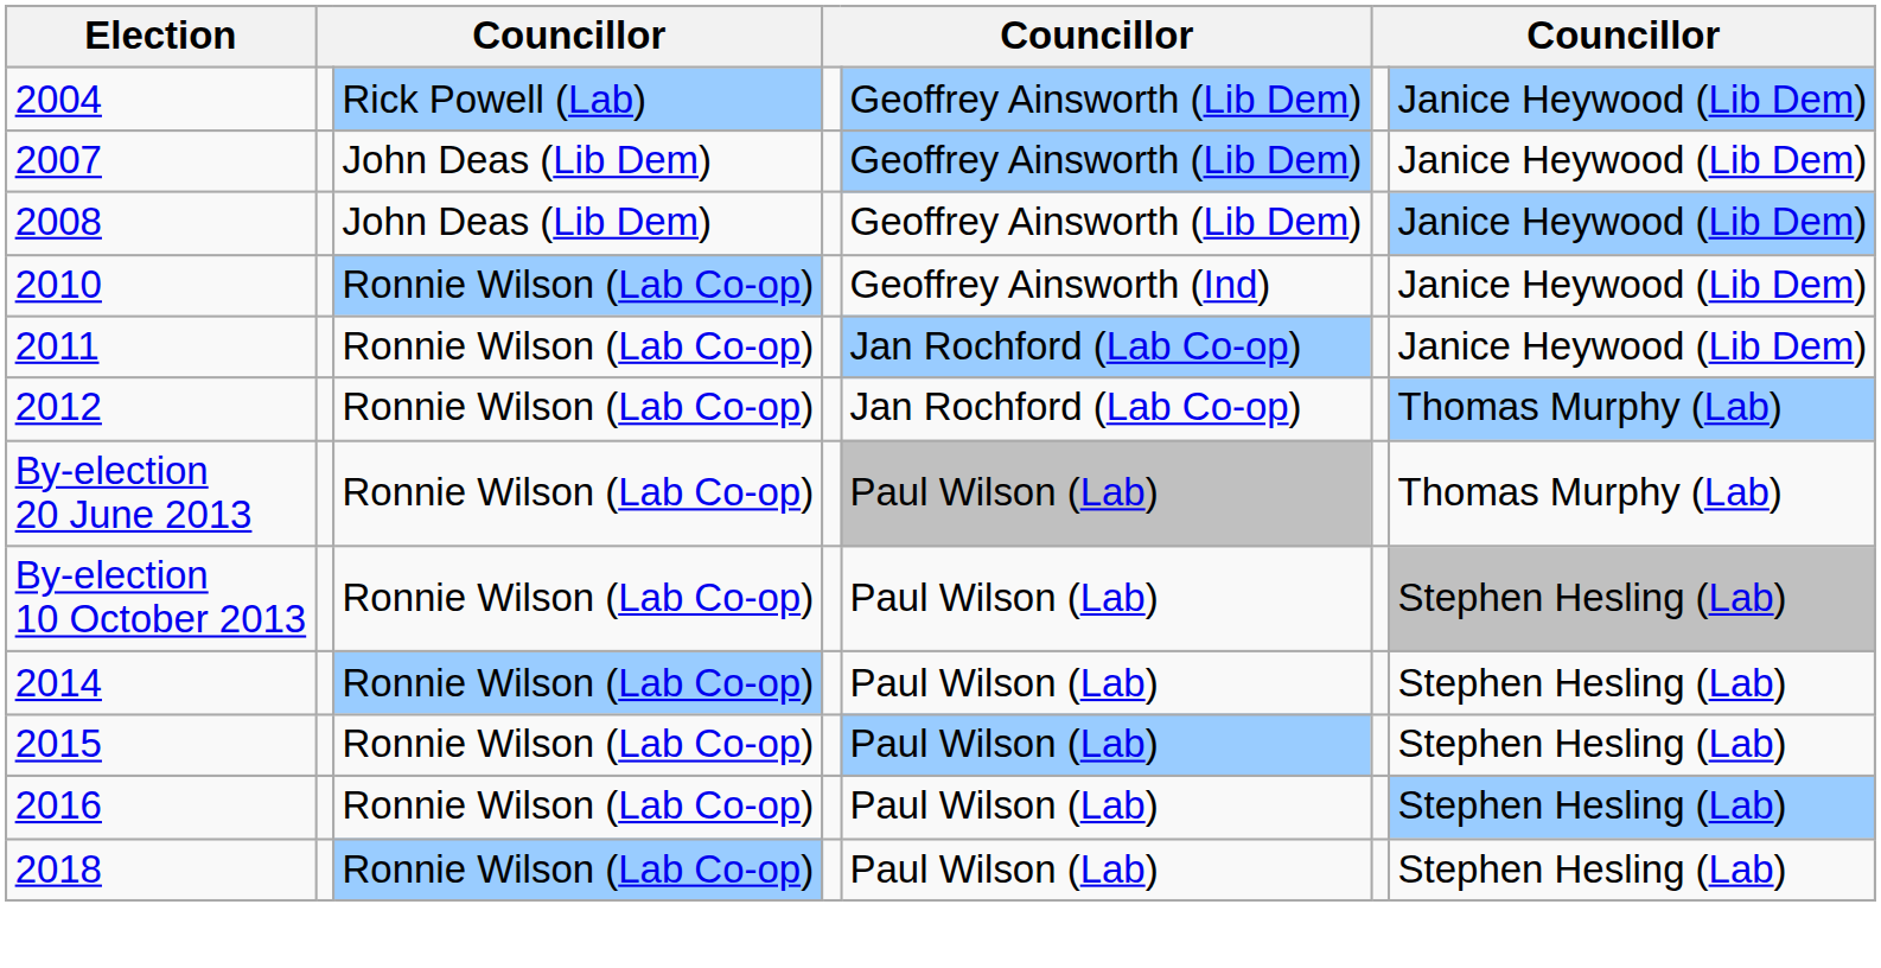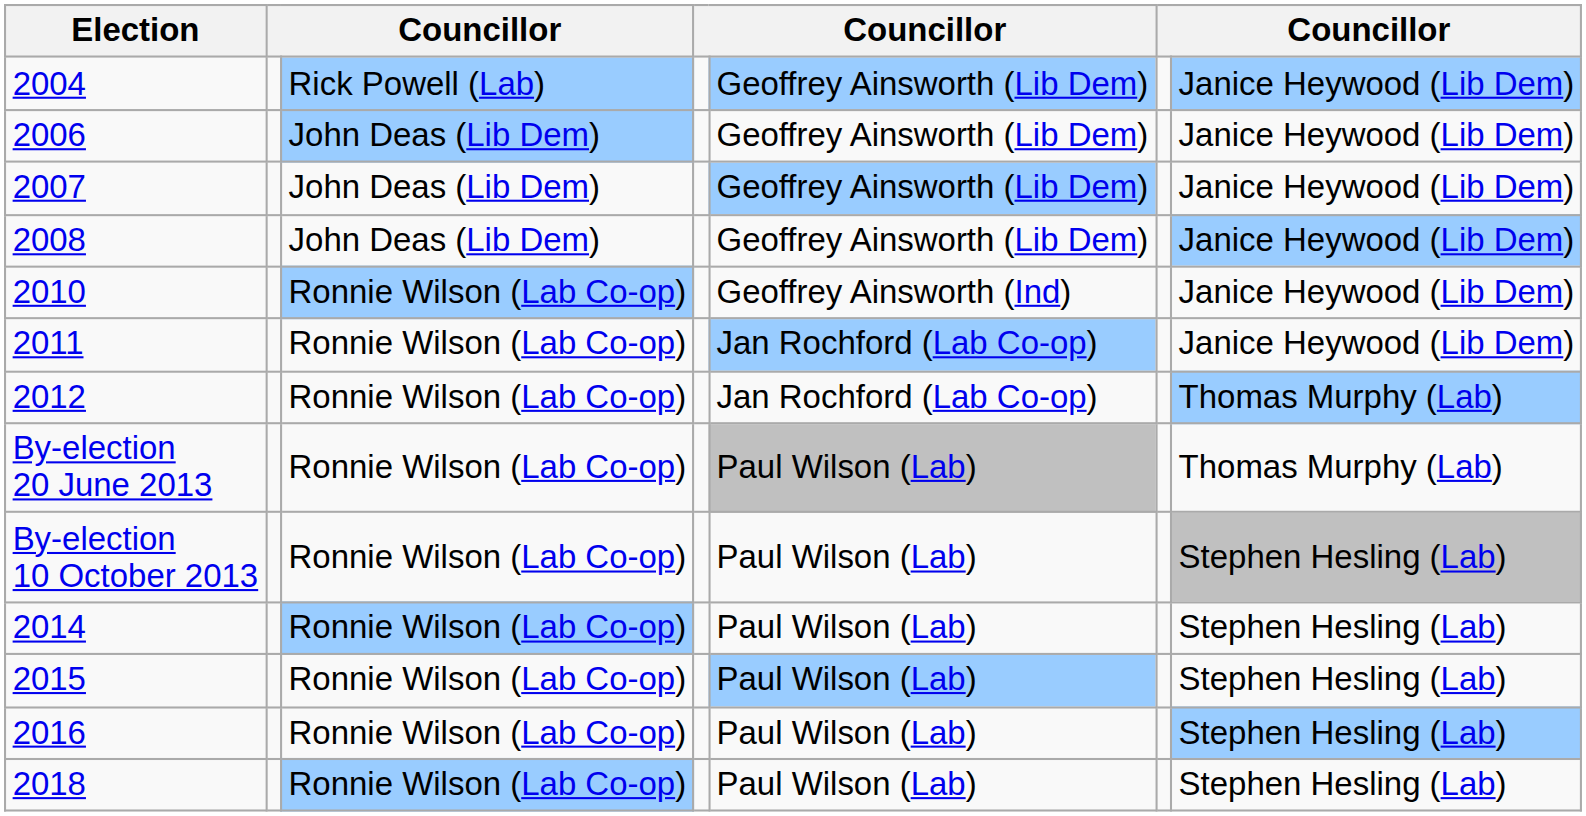 <table class="wikitable">
 <tr>
 <th>Election</th>
 <th colspan="2">Councillor</th>
 <th colspan="2">Councillor</th>
 <th colspan="2">Councillor</th>
 </tr>
 <tr>
 <td><a href='#'>2004</a></td>
 <td style="background-color: "></td>
 <td bgcolor="#99CCFF">Rick Powell (<a href='#'>Lab</a>)</td>
 <td style="background-color: "></td>
 <td bgcolor="#99CCFF">Geoffrey Ainsworth (<a href='#'>Lib Dem</a>)</td>
 <td style="background-color: "></td>
 <td bgcolor="#99CCFF">Janice Heywood (<a href='#'>Lib Dem</a>)</td>
+</tr>
+<tr>
+<td><a href='#'>2006</a></td>
+<td style="background-color: "></td>
+<td bgcolor="#99CCFF">John Deas (<a href='#'>Lib Dem</a>)</td>
+<td style="background-color: "></td>
+<td>Geoffrey Ainsworth (<a href='#'>Lib Dem</a>)</td>
+<td style="background-color: "></td>
+<td>Janice Heywood (<a href='#'>Lib Dem</a>)</td>
 </tr>
 <tr>
 <td><a href='#'>2007</a></td>
 <td style="background-color: "></td>
 <td>John Deas (<a href='#'>Lib Dem</a>)</td>
 <td style="background-color: "></td>
 <td bgcolor="#99CCFF">Geoffrey Ainsworth (<a href='#'>Lib Dem</a>)</td>
 <td style="background-color: "></td>
 <td>Janice Heywood (<a href='#'>Lib Dem</a>)</td>
 </tr>
 <tr>
 <td><a href='#'>2008</a></td>
 <td style="background-color: "></td>
 <td>John Deas (<a href='#'>Lib Dem</a>)</td>
 <td style="background-color: "></td>
 <td>Geoffrey Ainsworth (<a href='#'>Lib Dem</a>)</td>
 <td style="background-color: "></td>
 <td bgcolor="#99CCFF">Janice Heywood (<a href='#'>Lib Dem</a>)</td>
 </tr>
 <tr>
 <td><a href='#'>2010</a></td>
 <td style="background-color: "></td>
 <td bgcolor="#99CCFF">Ronnie Wilson (<a href='#'>Lab Co-op</a>)</td>
 <td style="background-color: "></td>
 <td>Geoffrey Ainsworth (<a href='#'>Ind</a>)</td>
 <td style="background-color: "></td>
 <td>Janice Heywood (<a href='#'>Lib Dem</a>)</td>
 </tr>
 <tr>
 <td><a href='#'>2011</a></td>
 <td style="background-color: "></td>
 <td>Ronnie Wilson (<a href='#'>Lab Co-op</a>)</td>
 <td style="background-color: "></td>
 <td bgcolor="#99CCFF">Jan Rochford (<a href='#'>Lab Co-op</a>)</td>
 <td style="background-color: "></td>
 <td>Janice Heywood (<a href='#'>Lib Dem</a>)</td>
 </tr>
 <tr>
 <td><a href='#'>2012</a></td>
 <td style="background-color: "></td>
 <td>Ronnie Wilson (<a href='#'>Lab Co-op</a>)</td>
 <td style="background-color: "></td>
 <td>Jan Rochford (<a href='#'>Lab Co-op</a>)</td>
 <td style="background-color: "></td>
 <td bgcolor="#99CCFF">Thomas Murphy (<a href='#'>Lab</a>)</td>
 </tr>
 <tr>
 <td><a href='#'>By-election<br>20 June 2013</a></td>
 <td style="background-color: "></td>
 <td>Ronnie Wilson (<a href='#'>Lab Co-op</a>)</td>
 <td style="background-color: "></td>
 <td bgcolor="#C0C0C0">Paul Wilson (<a href='#'>Lab</a>)</td>
 <td style="background-color: "></td>
 <td>Thomas Murphy (<a href='#'>Lab</a>)</td>
 </tr>
 <tr>
 <td><a href='#'>By-election<br>10 October 2013</a></td>
 <td style="background-color: "></td>
 <td>Ronnie Wilson (<a href='#'>Lab Co-op</a>)</td>
 <td style="background-color: "></td>
 <td>Paul Wilson (<a href='#'>Lab</a>)</td>
 <td style="background-color: "></td>
 <td bgcolor="#C0C0C0">Stephen Hesling (<a href='#'>Lab</a>)</td>
 </tr>
 <tr>
 <td><a href='#'>2014</a></td>
 <td style="background-color: "></td>
 <td bgcolor="#99CCFF">Ronnie Wilson (<a href='#'>Lab Co-op</a>)</td>
 <td style="background-color: "></td>
 <td>Paul Wilson (<a href='#'>Lab</a>)</td>
 <td style="background-color: "></td>
 <td>Stephen Hesling (<a href='#'>Lab</a>)</td>
 </tr>
 <tr>
 <td><a href='#'>2015</a></td>
 <td style="background-color: "></td>
 <td>Ronnie Wilson (<a href='#'>Lab Co-op</a>)</td>
 <td style="background-color: "></td>
 <td bgcolor="#99CCFF">Paul Wilson (<a href='#'>Lab</a>)</td>
 <td style="background-color: "></td>
 <td>Stephen Hesling (<a href='#'>Lab</a>)</td>
 </tr>
 <tr>
 <td><a href='#'>2016</a></td>
 <td style="background-color: "></td>
 <td>Ronnie Wilson (<a href='#'>Lab Co-op</a>)</td>
 <td style="background-color: "></td>
 <td>Paul Wilson (<a href='#'>Lab</a>)</td>
 <td style="background-color: "></td>
 <td bgcolor="#99CCFF">Stephen Hesling (<a href='#'>Lab</a>)</td>
 </tr>
 <tr>
 <td><a href='#'>2018</a></td>
 <td style="background-color: "></td>
 <td bgcolor="#99CCFF">Ronnie Wilson (<a href='#'>Lab Co-op</a>)</td>
 <td style="background-color: "></td>
 <td>Paul Wilson (<a href='#'>Lab</a>)</td>
 <td style="background-color: "></td>
 <td>Stephen Hesling (<a href='#'>Lab</a>)</td>
 </tr>
 </table>
